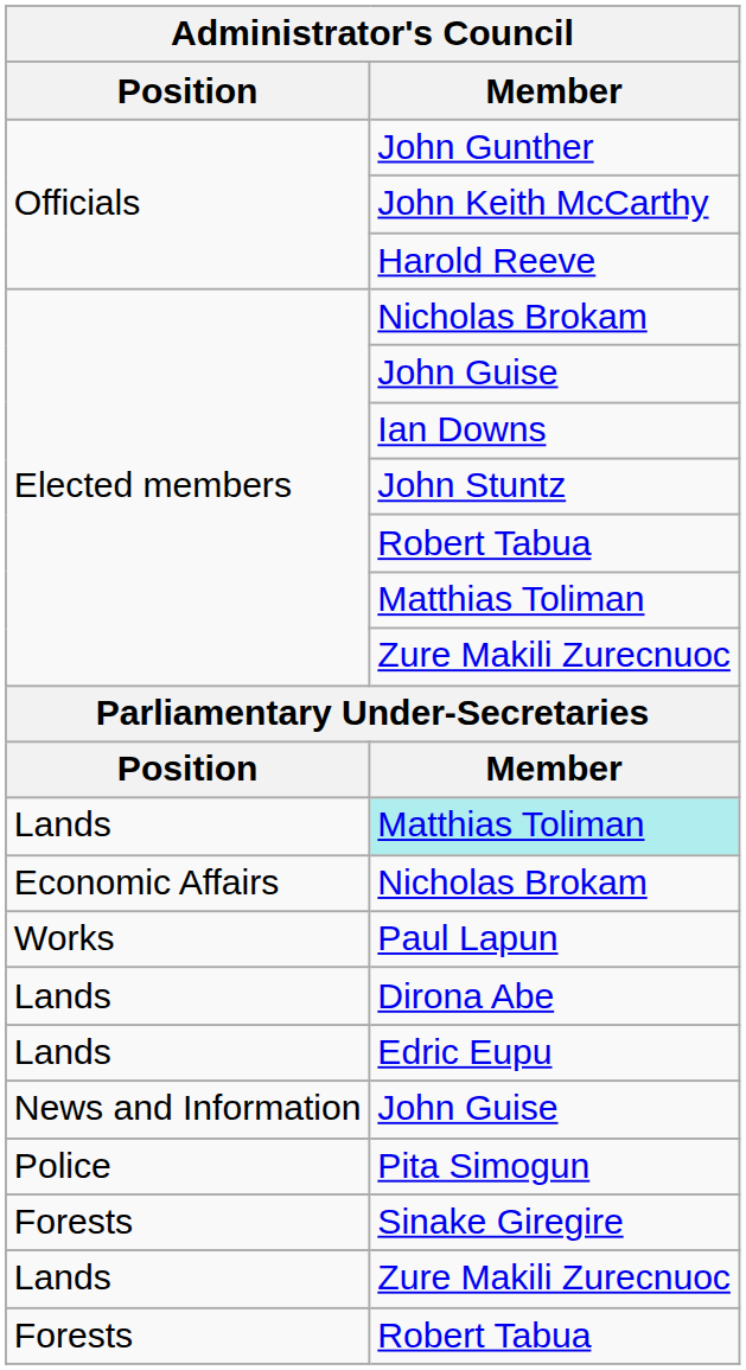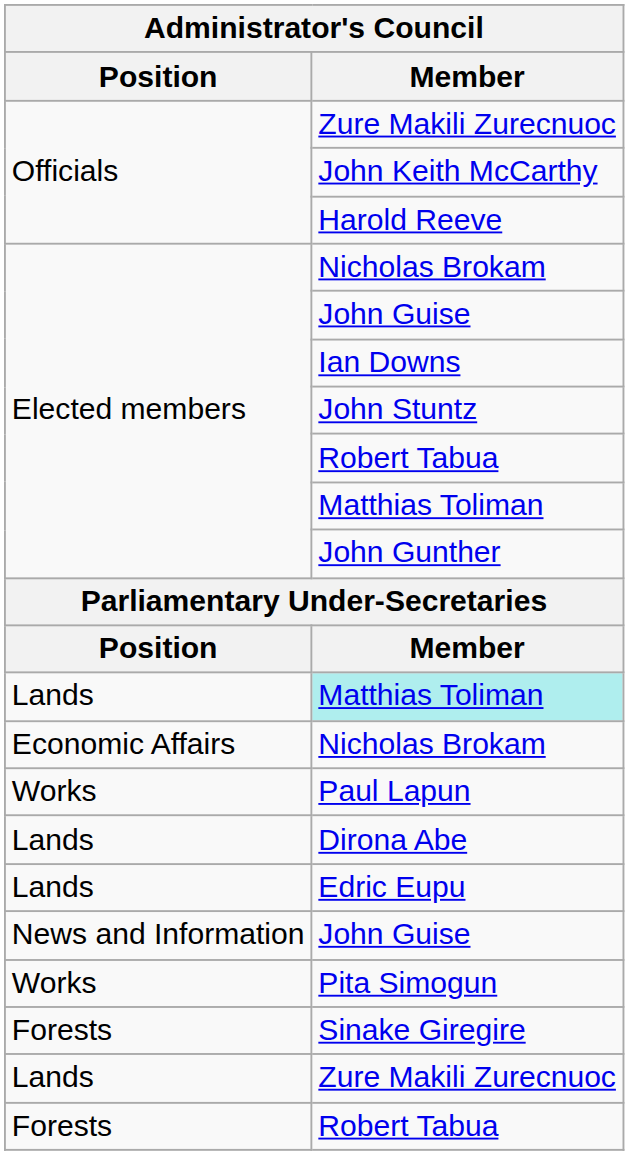 <table class=wikitable>
 <tr>
 <th colspan=2>Administrator's Council</th>
 </tr>
 <tr>
 <th>Position</th>
 <th>Member</th>
 </tr>
 <tr>
 <td rowspan=3>Officials</td>
-<td><a href='#'>John Gunther</a></td>
+<td><a href='#'>Zure Makili Zurecnuoc</a></td>
 </tr>
 <tr>
 <td><a href='#'>John Keith McCarthy</a></td>
 </tr>
 <tr>
 <td><a href='#'>Harold Reeve</a></td>
 </tr>
 <tr>
 <td rowspan=7>Elected members</td>
 <td><a href='#'>Nicholas Brokam</a></td>
 </tr>
 <tr>
 <td><a href='#'>John Guise</a></td>
 </tr>
 <tr>
 <td><a href='#'>Ian Downs</a></td>
 </tr>
 <tr>
 <td><a href='#'>John Stuntz</a></td>
 </tr>
 <tr>
 <td><a href='#'>Robert Tabua</a></td>
 </tr>
 <tr>
 <td><a href='#'>Matthias Toliman</a></td>
 </tr>
 <tr>
-<td><a href='#'>Zure Makili Zurecnuoc</a></td>
+<td><a href='#'>John Gunther</a></td>
 </tr>
 <tr>
 <th colspan=2>Parliamentary Under-Secretaries</th>
 </tr>
 <tr>
 <th>Position</th>
 <th>Member</th>
 </tr>
 <tr>
 <td>Lands</td>
 <td style="background: paleturquoise;"><a href='#'>Matthias Toliman</a></td>
 </tr>
 <tr>
 <td>Economic Affairs</td>
 <td><a href='#'>Nicholas Brokam</a></td>
 </tr>
 <tr>
 <td>Works</td>
 <td><a href='#'>Paul Lapun</a></td>
 </tr>
 <tr>
 <td>Lands</td>
 <td><a href='#'>Dirona Abe</a></td>
 </tr>
 <tr>
 <td>Lands</td>
 <td><a href='#'>Edric Eupu</a></td>
 </tr>
 <tr>
 <td>News and Information</td>
 <td><a href='#'>John Guise</a></td>
 </tr>
 <tr>
-<td>Police</td>
+<td>Works</td>
 <td><a href='#'>Pita Simogun</a></td>
 </tr>
 <tr>
 <td>Forests</td>
 <td><a href='#'>Sinake Giregire</a></td>
 </tr>
 <tr>
 <td>Lands</td>
 <td><a href='#'>Zure Makili Zurecnuoc</a></td>
 </tr>
 <tr>
 <td>Forests</td>
 <td><a href='#'>Robert Tabua</a></td>
 </tr>
 </table>
